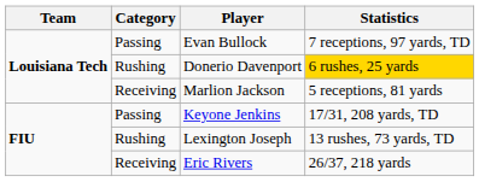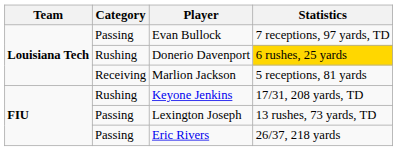 <table class="wikitable" style="float: right;">
 <tr>
 <th>Team</th>
 <th>Category</th>
 <th>Player</th>
 <th>Statistics</th>
 </tr>
 <tr>
 <td rowspan=3><strong>Louisiana Tech</strong></td>
 <td>Passing</td>
 <td>Evan Bullock</td>
 <td>7 receptions, 97 yards, TD</td>
 </tr>
 <tr>
 <td>Rushing</td>
 <td>Donerio Davenport</td>
 <td style="background: gold;">6 rushes, 25 yards</td>
 </tr>
 <tr>
 <td>Receiving</td>
 <td>Marlion Jackson</td>
 <td>5 receptions, 81 yards</td>
 </tr>
 <tr>
 <td rowspan=3><strong>FIU</strong></td>
-<td>Passing</td>
+<td>Rushing</td>
 <td><a href='#'>Keyone Jenkins</a></td>
 <td>17/31, 208 yards, TD</td>
 </tr>
 <tr>
-<td>Rushing</td>
+<td>Passing</td>
 <td>Lexington Joseph</td>
 <td>13 rushes, 73 yards, TD</td>
 </tr>
 <tr>
-<td>Receiving</td>
+<td>Passing</td>
 <td><a href='#'>Eric Rivers</a></td>
 <td>26/37, 218 yards</td>
 </tr>
 </table>
